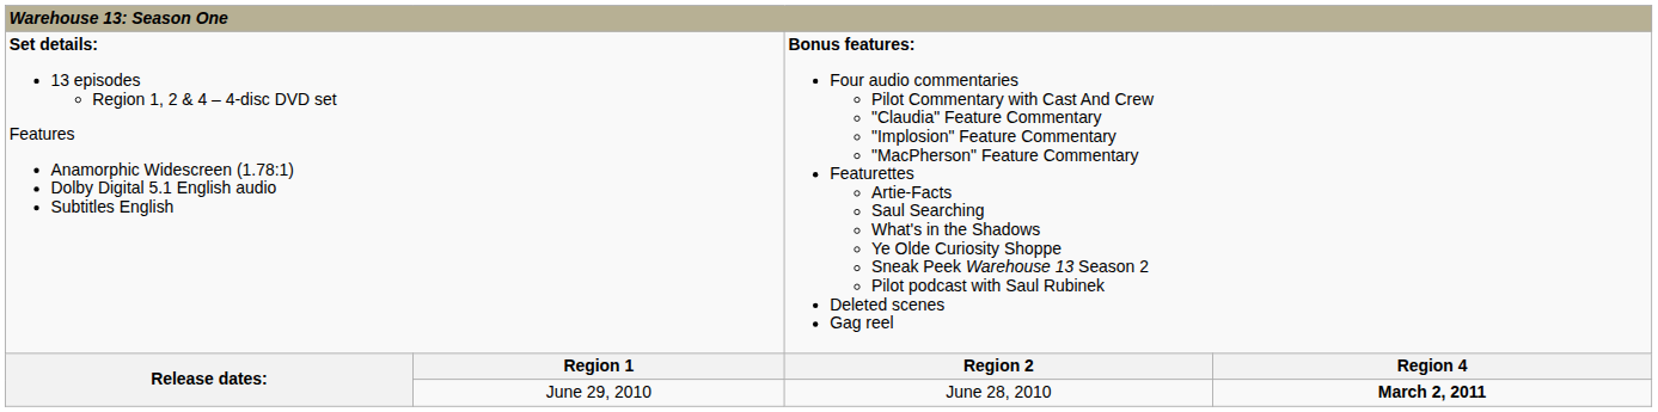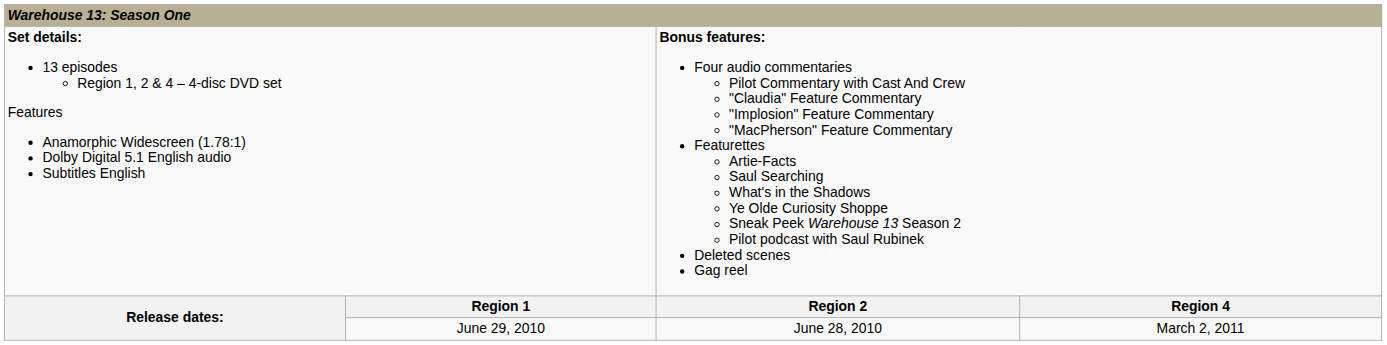 <table class="wikitable" width=100%>
 <tr>
 <td colspan="5" style="background: #B7B094; color: #000000;"><strong><em>Warehouse 13: Season One</em></strong></td>
 </tr>
 <tr>
 <td colspan="2" valign=top><strong>Set details:</strong><br><ul><li>13 episodes<ul><li>Region 1, 2 & 4 – 4-disc DVD set</li></ul></li></ul>Features<ul><li>Anamorphic Widescreen (1.78:1)</li><li>Dolby Digital 5.1 English audio</li><li>Subtitles English</li></ul></td>
 <td colspan="3" valign=top><strong>Bonus features:</strong><br><ul><li>Four audio commentaries<ul><li>Pilot Commentary with Cast And Crew</li><li>"Claudia" Feature Commentary</li><li>"Implosion" Feature Commentary</li><li>"MacPherson" Feature Commentary</li></ul></li><li>Featurettes<ul><li>Artie-Facts</li><li>Saul Searching</li><li>What's in the Shadows</li><li>Ye Olde Curiosity Shoppe</li><li>Sneak Peek <em>Warehouse 13</em> Season 2</li><li>Pilot podcast with Saul Rubinek</li></ul></li><li>Deleted scenes</li><li>Gag reel</li></ul></td>
 </tr>
 <tr>
 <th rowspan="2">Release dates:</th>
 <th>Region 1</th>
 <th>Region 2</th>
 <th>Region 4</th>
 </tr>
 <tr>
 <td align="center">June 29, 2010</td>
 <td align="center">June 28, 2010</td>
-<td align="center"><strong>March 2, 2011</strong></td>
+<td align="center">March 2, 2011</td>
 </tr>
 </table>
